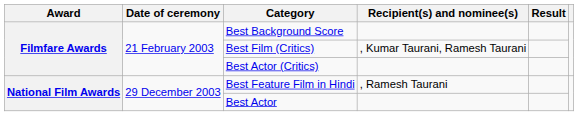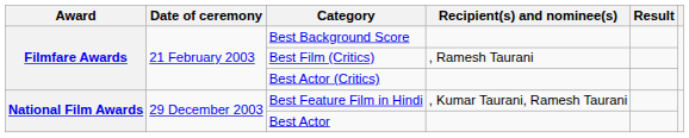 <table class="wikitable plainrowheaders sortable">
 <tr>
 <th scope="col">Award</th>
 <th scope="col">Date of ceremony</th>
 <th scope="col">Category</th>
 <th scope="col">Recipient(s) and nominee(s)</th>
 <th scope="col">Result</th>
 <th scope="col" class="unsortable"></th>
 </tr>
 <tr>
 <th scope="row" rowspan="3"><a href='#'>Filmfare Awards</a></th>
 <td rowspan="3"><a href='#'>21 February 2003</a></td>
 <td><a href='#'>Best Background Score</a></td>
 <td></td>
 <td></td>
 <td style="text-align:center;" rowspan="3"><br></td>
 </tr>
 <tr>
 <td><a href='#'>Best Film (Critics)</a></td>
-<td>, Kumar Taurani, Ramesh Taurani</td>
+<td>, Ramesh Taurani</td>
 <td></td>
 </tr>
 <tr>
 <td><a href='#'>Best Actor (Critics)</a></td>
 <td></td>
 <td></td>
 </tr>
 <tr>
 <th scope="row" rowspan="2"><a href='#'>National Film Awards</a></th>
 <td rowspan="2"><a href='#'>29 December 2003</a></td>
 <td><a href='#'>Best Feature Film in Hindi</a></td>
-<td>, Ramesh Taurani</td>
+<td>, Kumar Taurani, Ramesh Taurani</td>
 <td></td>
 <td style="text-align:center;" rowspan="2"></td>
 </tr>
 <tr>
 <td><a href='#'>Best Actor</a></td>
 <td></td>
 <td></td>
 </tr>
 </table>
